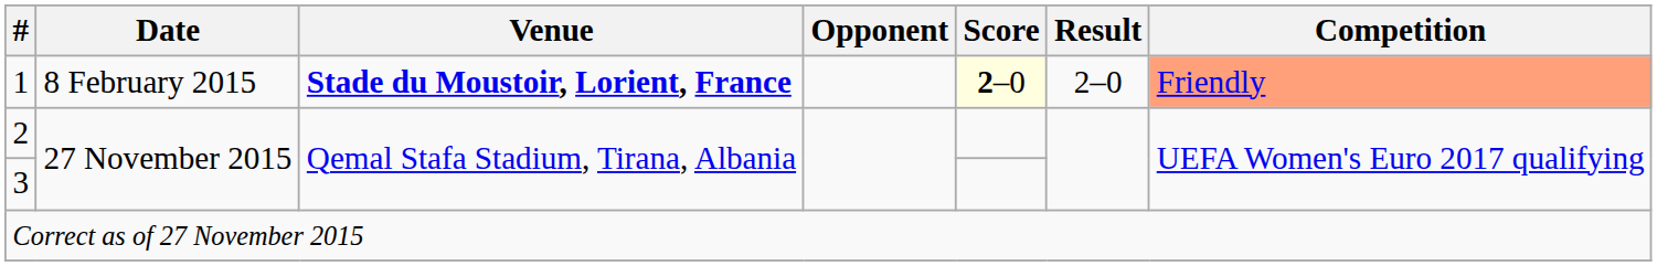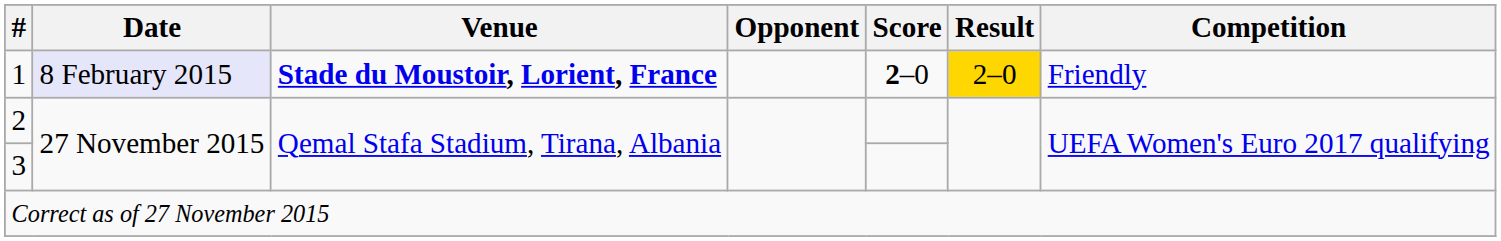 <table class="wikitable">
 <tr>
 <th>#</th>
 <th>Date</th>
 <th>Venue</th>
 <th>Opponent</th>
 <th>Score</th>
 <th>Result</th>
 <th>Competition</th>
 </tr>
 <tr>
 <td align="center">1</td>
-<td>8 February 2015</td>
+<td style="background: lavender;">8 February 2015</td>
 <td><strong><a href='#'>Stade du Moustoir</a>, <a href='#'>Lorient</a>, <a href='#'>France</a></strong></td>
 <td></td>
-<td align="center" style="background: lightyellow;"><strong>2</strong>–0</td>
-<td align="center">2–0</td>
-<td style="background: lightsalmon;"><a href='#'>Friendly</a></td>
+<td align="center"><strong>2</strong>–0</td>
+<td align="center" style="background: gold;">2–0</td>
+<td><a href='#'>Friendly</a></td>
 </tr>
 <tr>
 <td align="center">2</td>
 <td rowspan="2">27 November 2015</td>
 <td rowspan="2"><a href='#'>Qemal Stafa Stadium</a>, <a href='#'>Tirana</a>, <a href='#'>Albania</a></td>
 <td rowspan="2"></td>
 <td></td>
 <td rowspan="2"></td>
 <td rowspan="2"><a href='#'>UEFA Women's Euro 2017 qualifying</a></td>
 </tr>
 <tr>
 <td>3</td>
 <td></td>
 </tr>
 <tr>
 <td colspan="12"><small><em>Correct as of 27 November 2015</em></small></td>
 </tr>
 </table>
